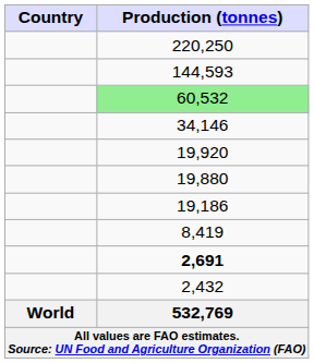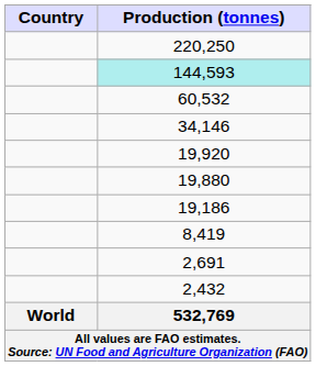 <table class="wikitable sortable" style="text-align:center">
 <tr>
 </tr>
 <tr>
 <th style="background:#ddf;">Country</th>
 <th style="background:#ddf;">Production (<a href='#'>tonnes</a>)</th>
 </tr>
 <tr>
 <td align=left></td>
 <td>220,250</td>
 </tr>
 <tr>
 <td align=left></td>
-<td>144,593</td>
+<td style="background: paleturquoise;">144,593</td>
 </tr>
 <tr>
 <td align=left></td>
-<td style="background: lightgreen;">60,532</td>
+<td>60,532</td>
 </tr>
 <tr>
 <td align=left></td>
 <td>34,146</td>
 </tr>
 <tr>
 <td align=left></td>
 <td>19,920</td>
 </tr>
 <tr>
 <td align=left></td>
 <td>19,880</td>
 </tr>
 <tr>
 <td align=left></td>
 <td>19,186</td>
 </tr>
 <tr>
 <td align=left></td>
 <td>8,419</td>
 </tr>
 <tr>
 <td align=left></td>
-<td><strong>2,691</strong></td>
+<td>2,691</td>
 </tr>
 <tr>
 <td align=left></td>
 <td>2,432</td>
 </tr>
 <tr>
 <th>World</th>
 <th>532,769</th>
 </tr>
 <tr>
 <th colspan=5 style="font-size:.7em">All values are FAO estimates.<br><em>Source: <a href='#'>UN Food and Agriculture Organization</a> (FAO)</em></th>
 </tr>
 </table>
